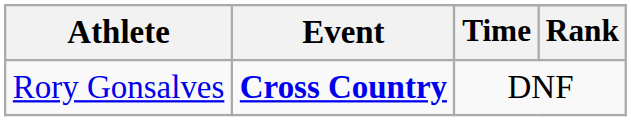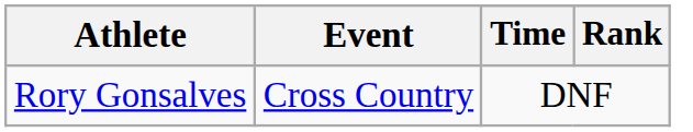 <table class=wikitable style="font-size:90%">
 <tr>
 <th rowspan="2">Athlete</th>
 <th rowspan="2">Event</th>
 </tr>
 <tr style="font-size:95%">
 <th>Time</th>
 <th>Rank</th>
 </tr>
 <tr align=center>
 <td align=left><a href='#'>Rory Gonsalves</a></td>
-<td align=left><strong><a href='#'>Cross Country</a></strong></td>
+<td align=left><a href='#'>Cross Country</a></td>
 <td colspan=2>DNF</td>
 </tr>
 </table>
